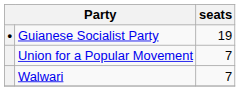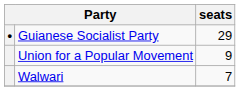 <table class="wikitable" style="font-size: 95%;">
 <tr>
 <th colspan=2>Party</th>
 <th>seats</th>
 </tr>
 <tr>
 <th style="background-color: "><span>•</span></th>
 <td><a href='#'>Guianese Socialist Party</a></td>
-<td align="right">19</td>
+<td align="right">29</td>
 </tr>
 <tr>
 <th style="background-color: "></th>
 <td><a href='#'>Union for a Popular Movement</a></td>
-<td align="right">7</td>
+<td align="right">9</td>
 </tr>
 <tr>
 <th style="background-color: "></th>
 <td><a href='#'>Walwari</a></td>
 <td align="right">7</td>
 </tr>
 <tr>
 </tr>
 </table>
